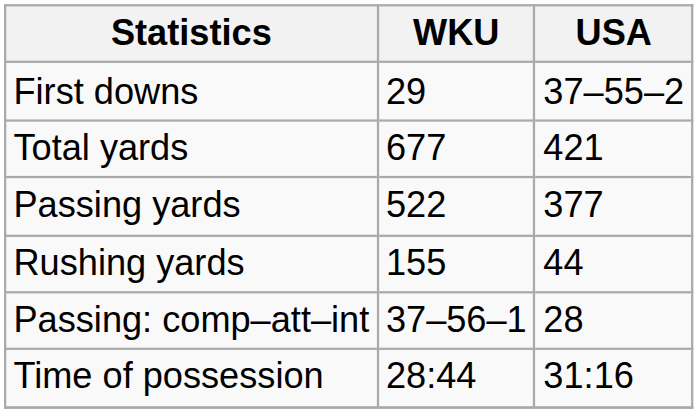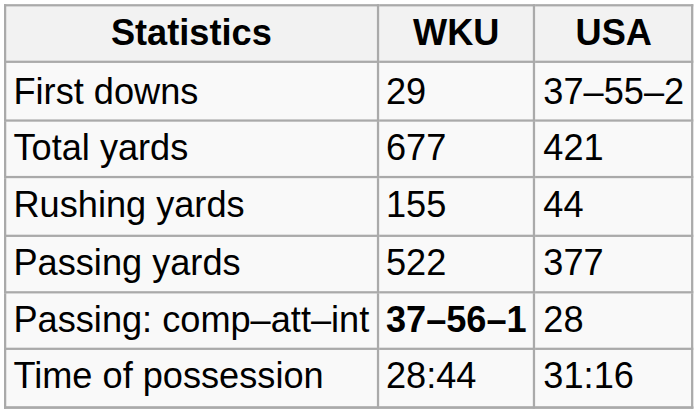 <table class="wikitable" style="float: left;">
 <tr>
 <th>Statistics</th>
 <th>WKU</th>
 <th>USA</th>
 </tr>
 <tr>
 <td>First downs</td>
 <td>29</td>
 <td>37–55–2</td>
 </tr>
 <tr>
 <td>Total yards</td>
 <td>677</td>
 <td>421</td>
 </tr>
 <tr>
+<td>Rushing yards</td>
+<td>155</td>
+<td>44</td>
+</tr>
+<tr>
 <td>Passing yards</td>
 <td>522</td>
 <td>377</td>
 </tr>
 <tr>
-<td>Rushing yards</td>
-<td>155</td>
-<td>44</td>
-</tr>
-<tr>
 <td>Passing: comp–att–int</td>
-<td>37–56–1</td>
+<td><strong>37–56–1</strong></td>
 <td>28</td>
 </tr>
 <tr>
 <td>Time of possession</td>
 <td>28:44</td>
 <td>31:16</td>
 </tr>
 <tr>
 </tr>
 </table>
